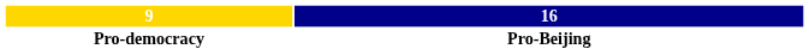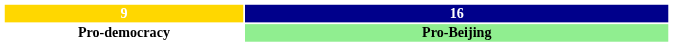 <table style="width:60%; text-align:center;">
 <tr style="color:white;">
 <td style="background:gold; width:36%;"><strong>9</strong></td>
 <td style="background:darkblue; width:64%;"><strong>16</strong></td>
 </tr>
 <tr>
 <td><span><strong>Pro-democracy</strong></span></td>
-<td><span><strong>Pro-Beijing</strong></span></td>
+<td style="background: lightgreen;"><span><strong>Pro-Beijing</strong></span></td>
 </tr>
 </table>
